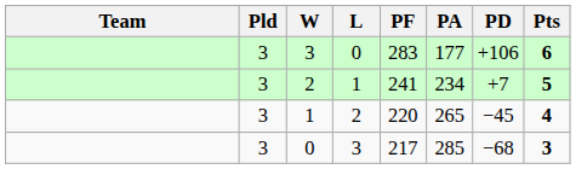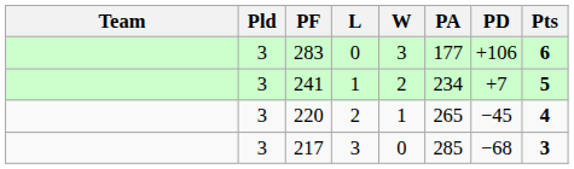 <table class=wikitable style="text-align:center">
 <tr>
 <th width=180>Team</th>
 <th width=30>Pld</th>
+<th width=30>PF</th>
+<th width=30>L</th>
 <th width=30>W</th>
-<th width=30>L</th>
-<th width=30>PF</th>
 <th width=30>PA</th>
 <th width=30>PD</th>
 <th width=30>Pts</th>
 </tr>
 <tr bgcolor="#ccffcc">
 <td align="left"></td>
 <td>3</td>
+<td>283</td>
+<td>0</td>
 <td>3</td>
-<td>0</td>
-<td>283</td>
 <td>177</td>
 <td>+106</td>
 <td><strong>6</strong></td>
 </tr>
 <tr bgcolor="#ccffcc">
 <td align="left"></td>
 <td>3</td>
+<td>241</td>
+<td>1</td>
 <td>2</td>
-<td>1</td>
-<td>241</td>
 <td>234</td>
 <td>+7</td>
 <td><strong>5</strong></td>
 </tr>
 <tr>
 <td align="left"></td>
 <td>3</td>
+<td>220</td>
+<td>2</td>
 <td>1</td>
-<td>2</td>
-<td>220</td>
 <td>265</td>
 <td>−45</td>
 <td><strong>4</strong></td>
 </tr>
 <tr>
 <td align="left"></td>
 <td>3</td>
+<td>217</td>
+<td>3</td>
 <td>0</td>
-<td>3</td>
-<td>217</td>
 <td>285</td>
 <td>−68</td>
 <td><strong>3</strong></td>
 </tr>
 </table>
